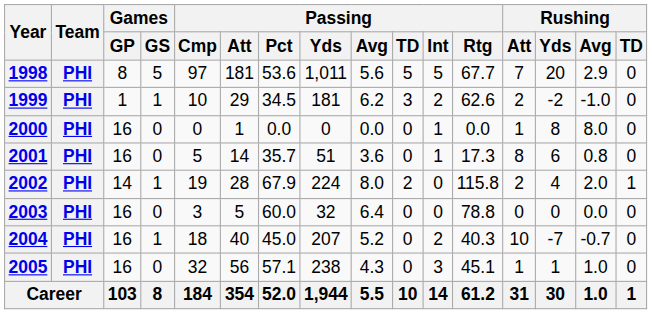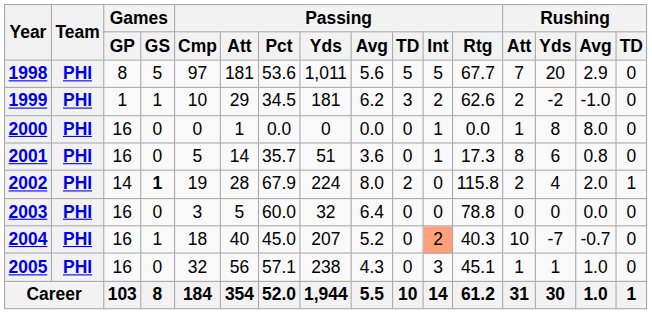 <table class="wikitable" style="text-align:center;">
 <tr>
 <th rowspan="2">Year</th>
 <th rowspan="2">Team</th>
 <th colspan="2">Games</th>
 <th colspan="8">Passing</th>
 <th colspan="4">Rushing</th>
 </tr>
 <tr>
 <th>GP</th>
 <th>GS</th>
 <th>Cmp</th>
 <th>Att</th>
 <th>Pct</th>
 <th>Yds</th>
 <th>Avg</th>
 <th>TD</th>
 <th>Int</th>
 <th>Rtg</th>
 <th>Att</th>
 <th>Yds</th>
 <th>Avg</th>
 <th>TD</th>
 </tr>
 <tr>
 <th><a href='#'>1998</a></th>
 <th><a href='#'>PHI</a></th>
 <td>8</td>
 <td>5</td>
 <td>97</td>
 <td>181</td>
 <td>53.6</td>
 <td>1,011</td>
 <td>5.6</td>
 <td>5</td>
 <td>5</td>
 <td>67.7</td>
 <td>7</td>
 <td>20</td>
 <td>2.9</td>
 <td>0</td>
 </tr>
 <tr>
 <th><a href='#'>1999</a></th>
 <th><a href='#'>PHI</a></th>
 <td>1</td>
 <td>1</td>
 <td>10</td>
 <td>29</td>
 <td>34.5</td>
 <td>181</td>
 <td>6.2</td>
 <td>3</td>
 <td>2</td>
 <td>62.6</td>
 <td>2</td>
 <td>-2</td>
 <td>-1.0</td>
 <td>0</td>
 </tr>
 <tr>
 <th><a href='#'>2000</a></th>
 <th><a href='#'>PHI</a></th>
 <td>16</td>
 <td>0</td>
 <td>0</td>
 <td>1</td>
 <td>0.0</td>
 <td>0</td>
 <td>0.0</td>
 <td>0</td>
 <td>1</td>
 <td>0.0</td>
 <td>1</td>
 <td>8</td>
 <td>8.0</td>
 <td>0</td>
 </tr>
 <tr>
 <th><a href='#'>2001</a></th>
 <th><a href='#'>PHI</a></th>
 <td>16</td>
 <td>0</td>
 <td>5</td>
 <td>14</td>
 <td>35.7</td>
 <td>51</td>
 <td>3.6</td>
 <td>0</td>
 <td>1</td>
 <td>17.3</td>
 <td>8</td>
 <td>6</td>
 <td>0.8</td>
 <td>0</td>
 </tr>
 <tr>
 <th><a href='#'>2002</a></th>
 <th><a href='#'>PHI</a></th>
 <td>14</td>
-<td>1</td>
+<td><strong>1</strong></td>
 <td>19</td>
 <td>28</td>
 <td>67.9</td>
 <td>224</td>
 <td>8.0</td>
 <td>2</td>
 <td>0</td>
 <td>115.8</td>
 <td>2</td>
 <td>4</td>
 <td>2.0</td>
 <td>1</td>
 </tr>
 <tr>
 <th><a href='#'>2003</a></th>
 <th><a href='#'>PHI</a></th>
 <td>16</td>
 <td>0</td>
 <td>3</td>
 <td>5</td>
 <td>60.0</td>
 <td>32</td>
 <td>6.4</td>
 <td>0</td>
 <td>0</td>
 <td>78.8</td>
 <td>0</td>
 <td>0</td>
 <td>0.0</td>
 <td>0</td>
 </tr>
 <tr>
 <th><a href='#'>2004</a></th>
 <th><a href='#'>PHI</a></th>
 <td>16</td>
 <td>1</td>
 <td>18</td>
 <td>40</td>
 <td>45.0</td>
 <td>207</td>
 <td>5.2</td>
 <td>0</td>
-<td>2</td>
+<td style="background: lightsalmon;">2</td>
 <td>40.3</td>
 <td>10</td>
 <td>-7</td>
 <td>-0.7</td>
 <td>0</td>
 </tr>
 <tr>
 <th><a href='#'>2005</a></th>
 <th><a href='#'>PHI</a></th>
 <td>16</td>
 <td>0</td>
 <td>32</td>
 <td>56</td>
 <td>57.1</td>
 <td>238</td>
 <td>4.3</td>
 <td>0</td>
 <td>3</td>
 <td>45.1</td>
 <td>1</td>
 <td>1</td>
 <td>1.0</td>
 <td>0</td>
 </tr>
 <tr>
 <th colspan="2">Career</th>
 <th>103</th>
 <th>8</th>
 <th>184</th>
 <th>354</th>
 <th>52.0</th>
 <th>1,944</th>
 <th>5.5</th>
 <th>10</th>
 <th>14</th>
 <th>61.2</th>
 <th>31</th>
 <th>30</th>
 <th>1.0</th>
 <th>1</th>
 </tr>
 </table>
